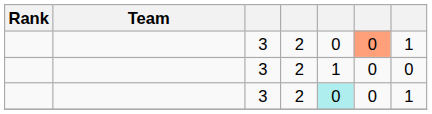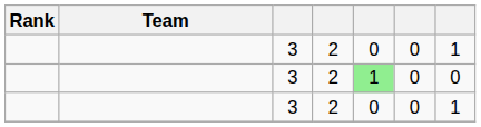 <table class="wikitable" style="text-align:center; font-size:90%">
 <tr>
 <th width=35>Rank</th>
 <th width=160>Team</th>
 <th width=25></th>
 <th width=25></th>
 <th width=25></th>
 <th width=25></th>
 <th width=25></th>
 </tr>
 <tr>
 <td></td>
 <td align=left></td>
 <td>3</td>
 <td>2</td>
 <td>0</td>
-<td style="background: lightsalmon;">0</td>
+<td>0</td>
 <td>1</td>
 </tr>
 <tr>
 <td></td>
 <td align=left></td>
 <td>3</td>
 <td>2</td>
-<td>1</td>
+<td style="background: lightgreen;">1</td>
 <td>0</td>
 <td>0</td>
 </tr>
 <tr>
 <td></td>
 <td align=left></td>
 <td>3</td>
 <td>2</td>
-<td style="background: paleturquoise;">0</td>
+<td>0</td>
 <td>0</td>
 <td>1</td>
 </tr>
 <tr>
 </tr>
 </table>
